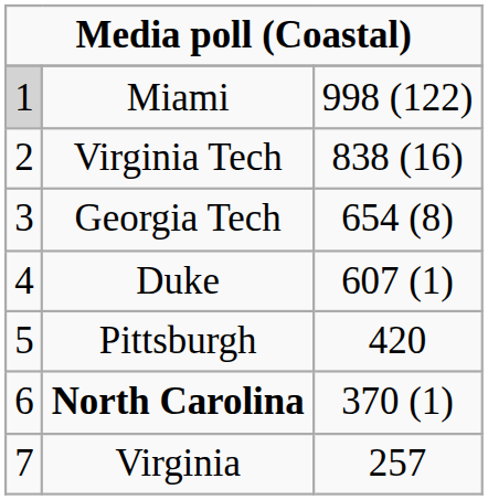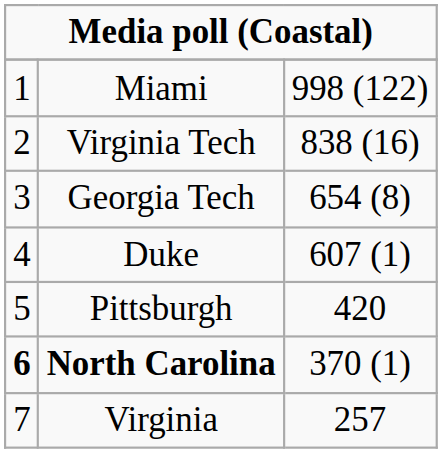 <table class="wikitable">
 <tr align="center">
 <td align="center" Colspan="3"><strong>Media poll (Coastal)</strong></td>
 </tr>
 <tr align="center">
 </tr>
 <tr align="center">
-<td style="background: lightgrey;">1</td>
+<td>1</td>
 <td>Miami</td>
 <td>998 (122)</td>
 </tr>
 <tr align="center">
 <td>2</td>
 <td>Virginia Tech</td>
 <td>838 (16)</td>
 </tr>
 <tr align="center">
 <td>3</td>
 <td>Georgia Tech</td>
 <td>654 (8)</td>
 </tr>
 <tr align="center">
 <td>4</td>
 <td>Duke</td>
 <td>607 (1)</td>
 </tr>
 <tr align="center">
 <td>5</td>
 <td>Pittsburgh</td>
 <td>420</td>
 </tr>
 <tr align="center">
-<td>6</td>
+<td><strong>6</strong></td>
 <td><strong>North Carolina</strong></td>
 <td>370 (1)</td>
 </tr>
 <tr align="center">
 <td>7</td>
 <td>Virginia</td>
 <td>257</td>
 </tr>
 </table>
